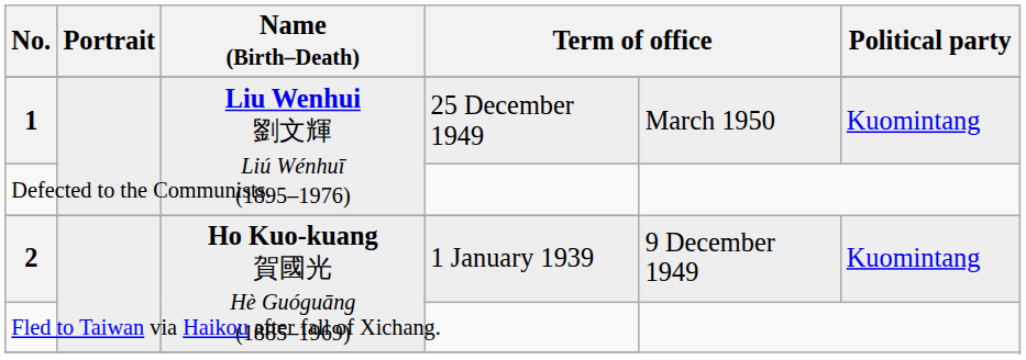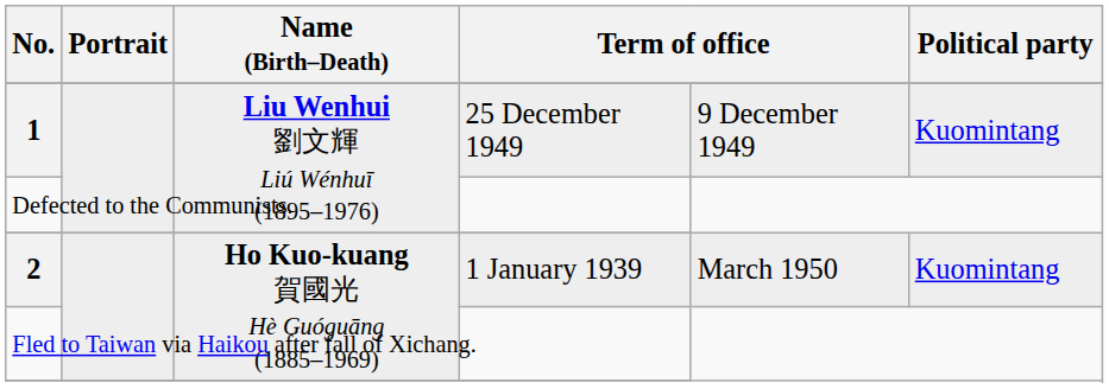 <table class="wikitable">
 <tr ->
 <th>No.</th>
 <th>Portrait</th>
 <th width=150px>Name<br><small>(Birth–Death)</small></th>
 <th colspan=2 width=200px>Term of office</th>
 <th width=100px>Political party</th>
 </tr>
 <tr ->
 </tr>
 <tr - bgcolor=#EEEEEE>
 <th style="background:">1</th>
 <td rowspan=2 align=center></td>
 <td rowspan=2 align=center><strong><a href='#'>Liu Wenhui</a></strong><br><span>劉文輝</span><br><small><em>Liú Wénhuī</em><br>(1895–1976)</small></td>
 <td>25 December 1949</td>
-<td>March 1950</td>
+<td>9 December 1949</td>
 <td><a href='#'>Kuomintang</a></td>
 </tr>
 <tr>
 <td colspan=4><small>Defected to the Communists.</small></td>
 </tr>
 <tr ->
 </tr>
 <tr - bgcolor=#EEEEEE>
 <th style="background:">2</th>
 <td rowspan=2 align=center></td>
 <td rowspan=2 align=center><strong>Ho Kuo-kuang</strong><br><span>賀國光</span><br><small><em>Hè Guóguāng</em><br>(1885–1969)</small></td>
 <td>1 January 1939</td>
-<td>9 December 1949</td>
+<td>March 1950</td>
 <td><a href='#'>Kuomintang</a></td>
 </tr>
 <tr>
 <td colspan=4><small><a href='#'>Fled to Taiwan</a> via <a href='#'>Haikou</a> after fall of Xichang.</small></td>
 </tr>
 <tr ->
 </tr>
 </table>
